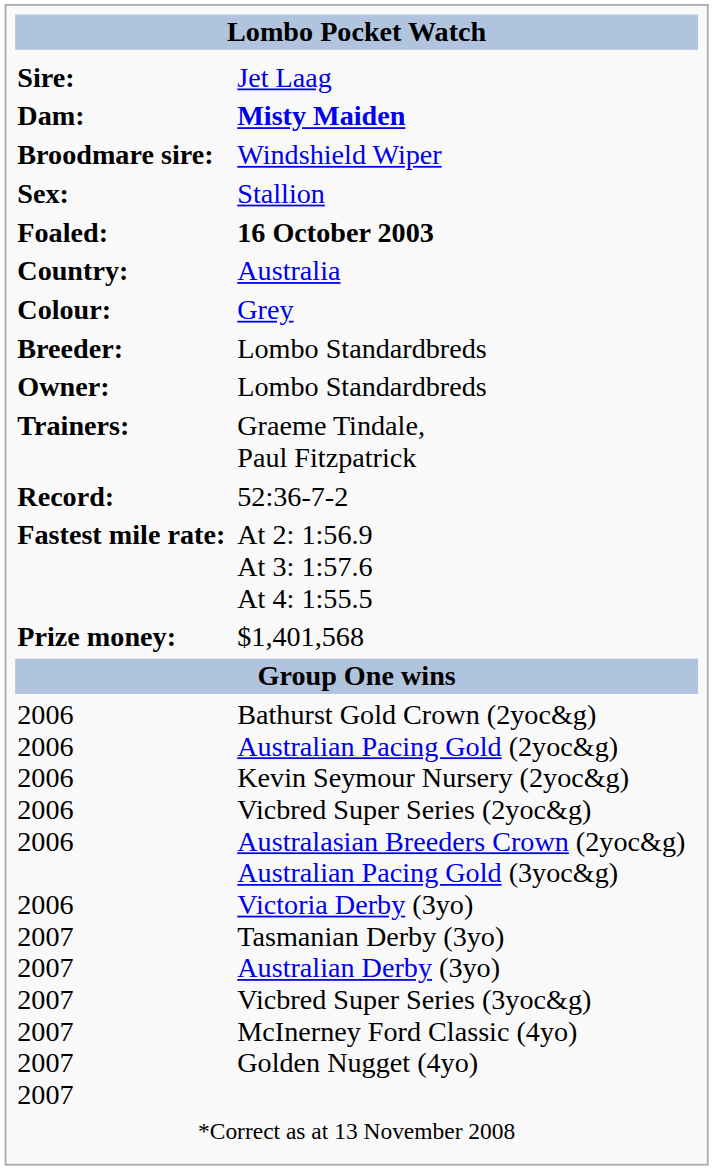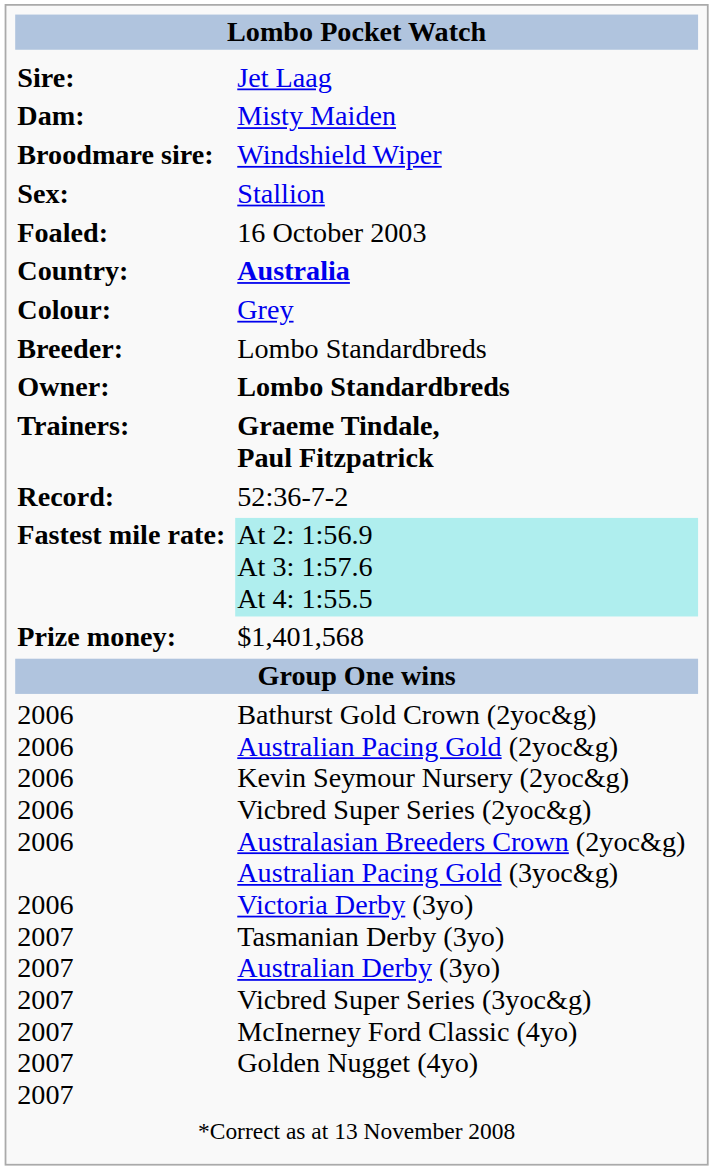 <table class="infobox" style="width:25em;">
 <tr style="text-align:center;">
 <th colspan="2" bgcolor="#b0c4de">Lombo Pocket Watch</th>
 </tr>
 <tr>
 <td colspan="2" style="text-align:center;"></td>
 </tr>
 <tr>
 <th align="left">Sire:</th>
 <td><a href='#'>Jet Laag</a></td>
 </tr>
 <tr>
 <th align="left">Dam:</th>
-<td><strong><a href='#'>Misty Maiden</a></strong></td>
+<td><a href='#'>Misty Maiden</a></td>
 </tr>
 <tr>
 <th align="left">Broodmare sire:</th>
 <td><a href='#'>Windshield Wiper</a></td>
 </tr>
 <tr>
 <th align="left">Sex:</th>
 <td><a href='#'>Stallion</a></td>
 </tr>
 <tr>
 <th align="left">Foaled:</th>
-<td><strong>16 October 2003</strong></td>
+<td>16 October 2003</td>
 </tr>
 <tr>
 <th align="left">Country:</th>
-<td><a href='#'>Australia</a></td>
+<td><strong><a href='#'>Australia</a></strong></td>
 </tr>
 <tr>
 <th align="left">Colour:</th>
 <td><a href='#'>Grey</a></td>
 </tr>
 <tr>
 <th align="left">Breeder:</th>
 <td>Lombo Standardbreds</td>
 </tr>
 <tr>
 <th align="left">Owner:</th>
-<td>Lombo Standardbreds</td>
+<td><strong>Lombo Standardbreds</strong></td>
 </tr>
 <tr>
 <th align="left">Trainers:</th>
-<td>Graeme Tindale,<br>Paul Fitzpatrick</td>
+<td><strong>Graeme Tindale,<br>Paul Fitzpatrick</strong></td>
 </tr>
 <tr>
 <th align="left">Record:</th>
 <td>52:36-7-2</td>
 </tr>
 <tr>
 <th align="left">Fastest mile rate:</th>
-<td>At 2: 1:56.9<br>At 3: 1:57.6<br>At 4: 1:55.5</td>
+<td style="background: paleturquoise;">At 2: 1:56.9<br>At 3: 1:57.6<br>At 4: 1:55.5</td>
 </tr>
 <tr>
 <th align="left">Prize money:</th>
 <td>$1,401,568</td>
 </tr>
 <tr>
 <th colspan="2" bgcolor="#b0c4de">Group One wins</th>
 </tr>
 <tr style="vertical-align: top;">
 <td>2006<br>2006<br>2006<br>2006<br>2006<br><br>2006<br>2007<br>2007<br>2007<br>2007<br>2007<br>2007</td>
 <td>Bathurst Gold Crown (2yoc&g)<br><a href='#'>Australian Pacing Gold</a> (2yoc&g)<br>Kevin Seymour Nursery (2yoc&g)<br>Vicbred Super Series (2yoc&g)<br><a href='#'>Australasian Breeders Crown</a> (2yoc&g)<br><a href='#'>Australian Pacing Gold</a> (3yoc&g)<br><a href='#'>Victoria Derby</a> (3yo)<br>Tasmanian Derby (3yo)<br><a href='#'>Australian Derby</a> (3yo)<br>Vicbred Super Series (3yoc&g)<br>McInerney Ford Classic (4yo)<br>Golden Nugget (4yo)</td>
 </tr>
 <tr>
 <td colspan="3" style="text-align:center; font-size:smaller;">*Correct as at 13 November 2008</td>
 </tr>
 <tr>
 <td colspan="3" style="text-align:center; font-size:smaller;"></td>
 </tr>
 </table>
